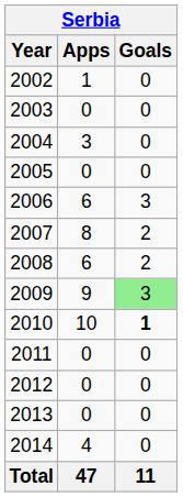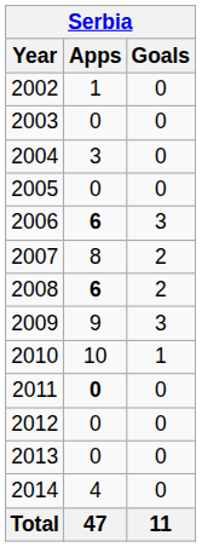 <table class="wikitable" style="text-align:center">
 <tr>
 <th colspan=3><a href='#'>Serbia</a></th>
 </tr>
 <tr>
 <th>Year</th>
 <th>Apps</th>
 <th>Goals</th>
 </tr>
 <tr>
 <td>2002</td>
 <td>1</td>
 <td>0</td>
 </tr>
 <tr>
 <td>2003</td>
 <td>0</td>
 <td>0</td>
 </tr>
 <tr>
 <td>2004</td>
 <td>3</td>
 <td>0</td>
 </tr>
 <tr>
 <td>2005</td>
 <td>0</td>
 <td>0</td>
 </tr>
 <tr>
 <td>2006</td>
-<td>6</td>
+<td><strong>6</strong></td>
 <td>3</td>
 </tr>
 <tr>
 <td>2007</td>
 <td>8</td>
 <td>2</td>
 </tr>
 <tr>
 <td>2008</td>
-<td>6</td>
+<td><strong>6</strong></td>
 <td>2</td>
 </tr>
 <tr>
 <td>2009</td>
 <td>9</td>
-<td style="background: lightgreen;">3</td>
+<td>3</td>
 </tr>
 <tr>
 <td>2010</td>
 <td>10</td>
-<td><strong>1</strong></td>
+<td>1</td>
 </tr>
 <tr>
 <td>2011</td>
-<td>0</td>
+<td><strong>0</strong></td>
 <td>0</td>
 </tr>
 <tr>
 <td>2012</td>
 <td>0</td>
 <td>0</td>
 </tr>
 <tr>
 <td>2013</td>
 <td>0</td>
 <td>0</td>
 </tr>
 <tr>
 <td>2014</td>
 <td>4</td>
 <td>0</td>
 </tr>
 <tr>
 <th>Total</th>
 <th>47</th>
 <th>11</th>
 </tr>
 </table>
